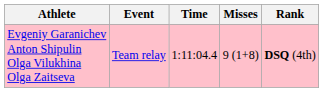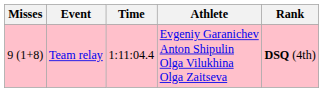 <table class="wikitable" style="font-size:90%">
 <tr>
-<th>Athlete</th>
+<th>Misses</th>
 <th>Event</th>
 <th>Time</th>
-<th>Misses</th>
+<th>Athlete</th>
 <th>Rank</th>
 </tr>
 <tr align=center bgcolor=pink>
-<td align=left><a href='#'>Evgeniy Garanichev</a><br><a href='#'>Anton Shipulin</a><br><a href='#'>Olga Vilukhina</a><br><a href='#'>Olga Zaitseva</a></td>
+<td>9 (1+8)</td>
 <td align=left><a href='#'>Team relay</a></td>
 <td>1:11:04.4</td>
-<td>9 (1+8)</td>
+<td align=left><a href='#'>Evgeniy Garanichev</a><br><a href='#'>Anton Shipulin</a><br><a href='#'>Olga Vilukhina</a><br><a href='#'>Olga Zaitseva</a></td>
 <td><strong>DSQ</strong> (4th)</td>
 </tr>
 </table>
